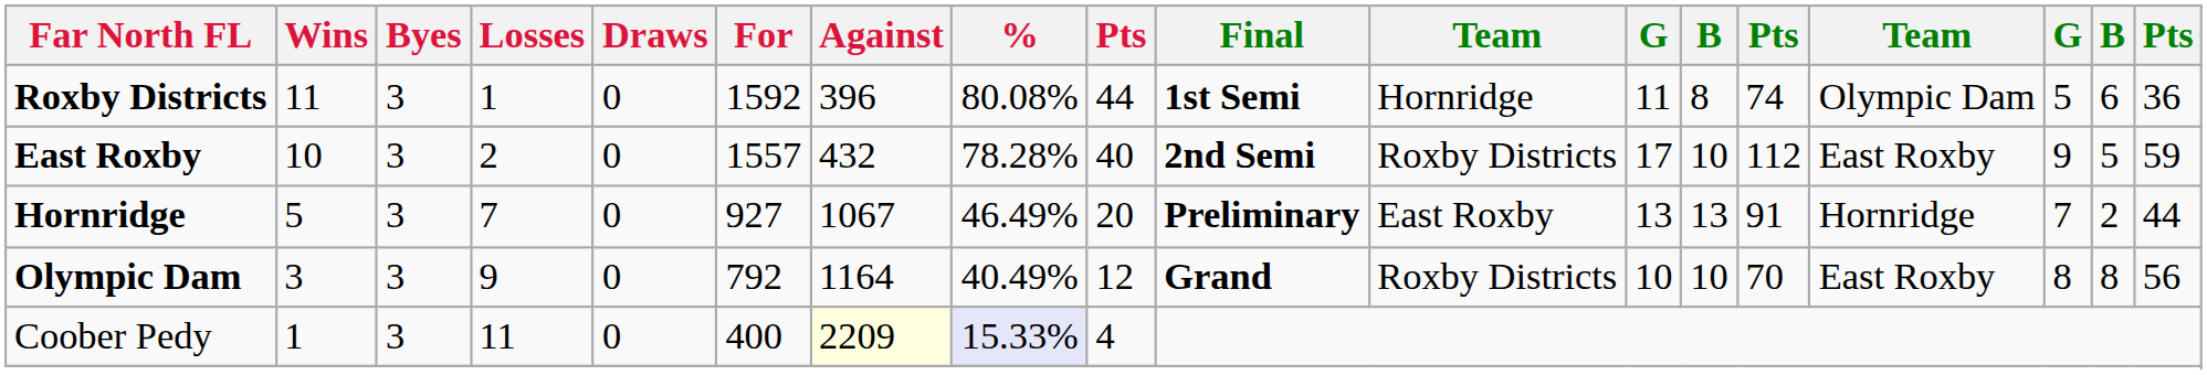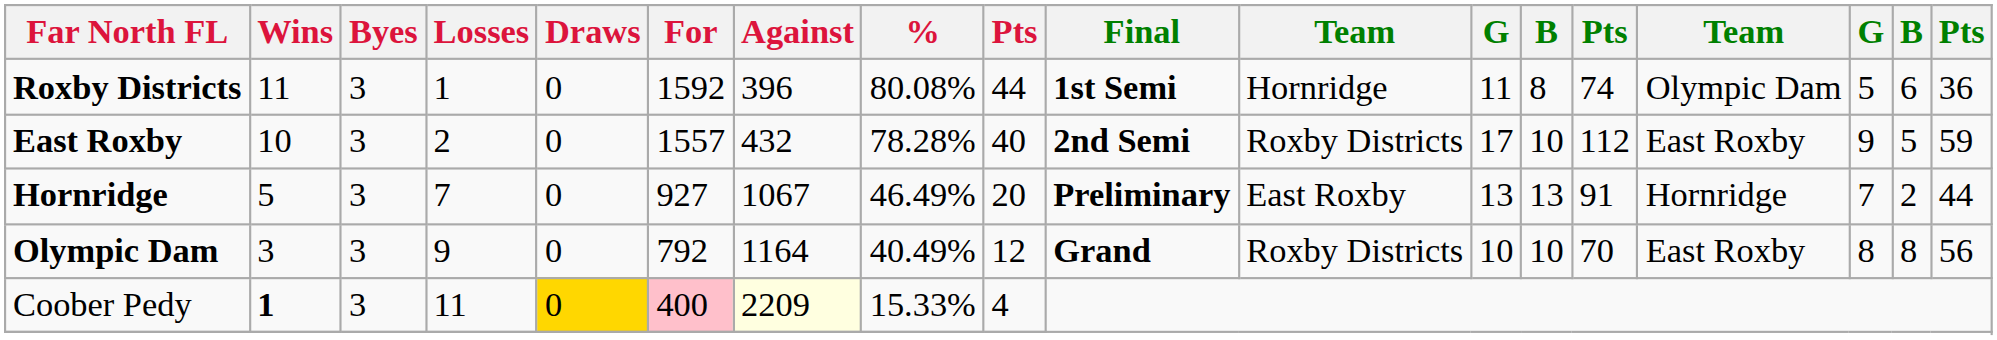 <table class="wikitable">
 <tr>
 <th style="color:crimson">Far North FL</th>
 <th style="color:crimson">Wins</th>
 <th style="color:crimson">Byes</th>
 <th style="color:crimson">Losses</th>
 <th style="color:crimson">Draws</th>
 <th style="color:crimson">For</th>
 <th style="color:crimson">Against</th>
 <th style="color:crimson">%</th>
 <th style="color:crimson">Pts</th>
 <th style="color:green">Final</th>
 <th style="color:green">Team</th>
 <th style="color:green">G</th>
 <th style="color:green">B</th>
 <th style="color:green">Pts</th>
 <th style="color:green">Team</th>
 <th style="color:green">G</th>
 <th style="color:green">B</th>
 <th style="color:green">Pts</th>
 </tr>
 <tr>
 <td><strong>	Roxby Districts	</strong></td>
 <td>11</td>
 <td>3</td>
 <td>1</td>
 <td>0</td>
 <td>1592</td>
 <td>396</td>
 <td>80.08%</td>
 <td>44</td>
 <td><strong>1st Semi</strong></td>
 <td>Hornridge</td>
 <td>11</td>
 <td>8</td>
 <td>74</td>
 <td>Olympic Dam</td>
 <td>5</td>
 <td>6</td>
 <td>36</td>
 </tr>
 <tr>
 <td><strong>	East Roxby	</strong></td>
 <td>10</td>
 <td>3</td>
 <td>2</td>
 <td>0</td>
 <td>1557</td>
 <td>432</td>
 <td>78.28%</td>
 <td>40</td>
 <td><strong>2nd Semi</strong></td>
 <td>Roxby Districts</td>
 <td>17</td>
 <td>10</td>
 <td>112</td>
 <td>East Roxby</td>
 <td>9</td>
 <td>5</td>
 <td>59</td>
 </tr>
 <tr>
 <td><strong>	Hornridge	</strong></td>
 <td>5</td>
 <td>3</td>
 <td>7</td>
 <td>0</td>
 <td>927</td>
 <td>1067</td>
 <td>46.49%</td>
 <td>20</td>
 <td><strong>Preliminary</strong></td>
 <td>East Roxby</td>
 <td>13</td>
 <td>13</td>
 <td>91</td>
 <td>Hornridge</td>
 <td>7</td>
 <td>2</td>
 <td>44</td>
 </tr>
 <tr>
 <td><strong>	Olympic Dam	</strong></td>
 <td>3</td>
 <td>3</td>
 <td>9</td>
 <td>0</td>
 <td>792</td>
 <td>1164</td>
 <td>40.49%</td>
 <td>12</td>
 <td><strong>Grand</strong></td>
 <td>Roxby Districts</td>
 <td>10</td>
 <td>10</td>
 <td>70</td>
 <td>East Roxby</td>
 <td>8</td>
 <td>8</td>
 <td>56</td>
 </tr>
 <tr>
 <td>Coober Pedy</td>
-<td>1</td>
+<td><strong>1</strong></td>
 <td>3</td>
 <td>11</td>
-<td>0</td>
-<td>400</td>
+<td style="background: gold;">0</td>
+<td style="background: pink;">400</td>
 <td style="background: lightyellow;">2209</td>
-<td style="background: lavender;">15.33%</td>
+<td>15.33%</td>
 <td>4</td>
 </tr>
 <tr>
 </tr>
 </table>
